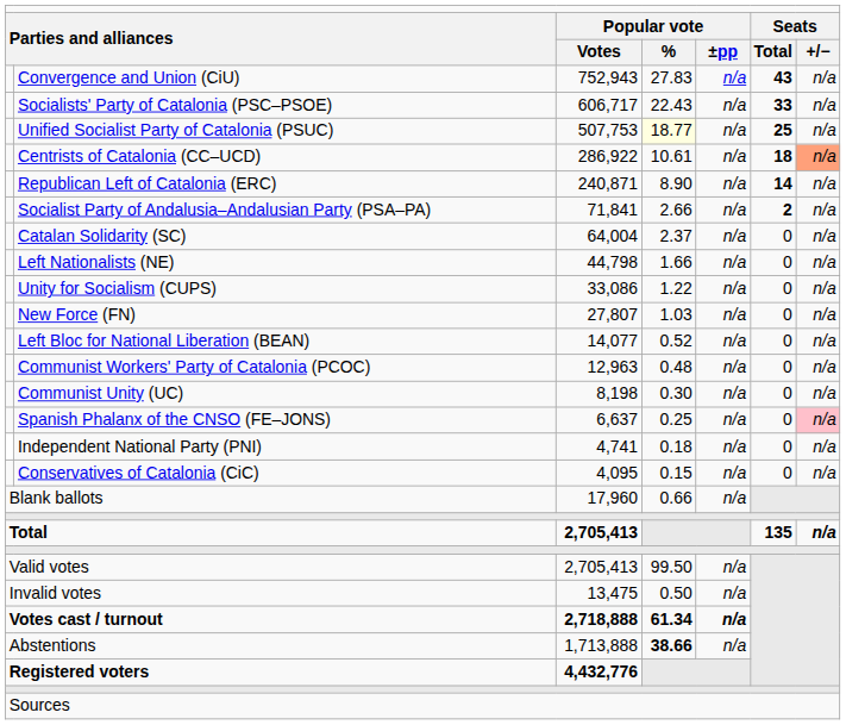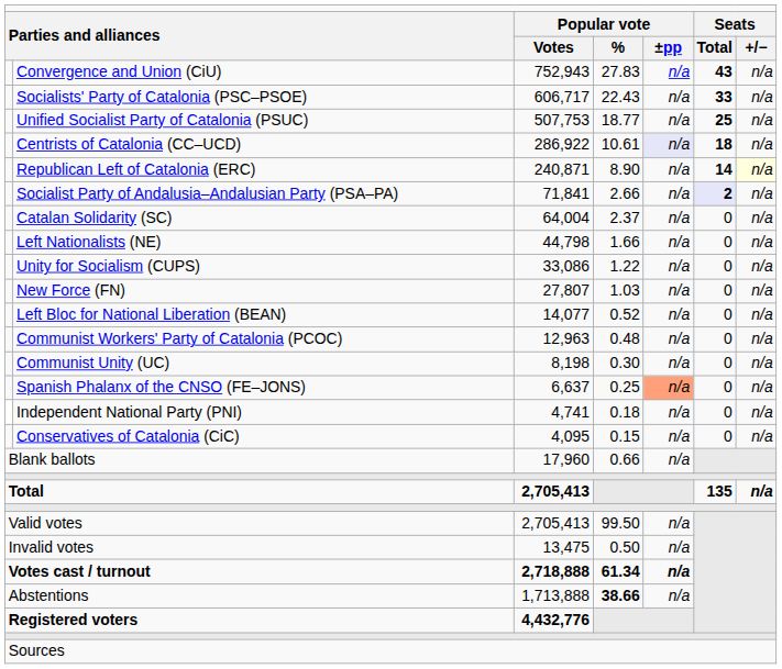 <table class="wikitable" style="text-align:right;">
 <tr>
 <td colspan="7"></td>
 </tr>
 <tr>
 <th style="text-align:left;" rowspan="2" colspan="2" width="525">Parties and alliances</th>
 <th colspan="3">Popular vote</th>
 <th colspan="2">Seats</th>
 </tr>
 <tr>
 <th width="75">Votes</th>
 <th width="45">%</th>
 <th width="45">±<a href='#'>pp</a></th>
 <th width="35">Total</th>
 <th width="35">+/−</th>
 </tr>
 <tr>
 <td width="1" style="color:inherit;background:"></td>
 <td align="left"><a href='#'>Convergence and Union</a> (CiU)</td>
 <td>752,943</td>
 <td>27.83</td>
 <td><em><a href='#'>n/a</a></em></td>
 <td><strong>43</strong></td>
 <td><em>n/a</em></td>
 </tr>
 <tr>
 <td style="color:inherit;background:"></td>
 <td align="left"><a href='#'>Socialists' Party of Catalonia</a> (PSC–PSOE)</td>
 <td>606,717</td>
 <td>22.43</td>
 <td><em>n/a</em></td>
 <td><strong>33</strong></td>
 <td><em>n/a</em></td>
 </tr>
 <tr>
 <td style="color:inherit;background:"></td>
 <td align="left"><a href='#'>Unified Socialist Party of Catalonia</a> (PSUC)</td>
 <td>507,753</td>
-<td style="background: lightyellow;">18.77</td>
+<td>18.77</td>
 <td><em>n/a</em></td>
 <td><strong>25</strong></td>
 <td><em>n/a</em></td>
 </tr>
 <tr>
 <td style="color:inherit;background:"></td>
 <td align="left"><a href='#'>Centrists of Catalonia</a> (CC–UCD)</td>
 <td>286,922</td>
 <td>10.61</td>
+<td style="background: lavender;"><em>n/a</em></td>
+<td><strong>18</strong></td>
 <td><em>n/a</em></td>
-<td><strong>18</strong></td>
-<td style="background: lightsalmon;"><em>n/a</em></td>
 </tr>
 <tr>
 <td style="color:inherit;background:"></td>
 <td align="left"><a href='#'>Republican Left of Catalonia</a> (ERC)</td>
 <td>240,871</td>
 <td>8.90</td>
 <td><em>n/a</em></td>
 <td><strong>14</strong></td>
-<td><em>n/a</em></td>
+<td style="background: lightyellow;"><em>n/a</em></td>
 </tr>
 <tr>
 <td style="color:inherit;background:"></td>
 <td align="left"><a href='#'>Socialist Party of Andalusia–Andalusian Party</a> (PSA–PA)</td>
 <td>71,841</td>
 <td>2.66</td>
 <td><em>n/a</em></td>
-<td><strong>2</strong></td>
+<td style="background: lavender;"><strong>2</strong></td>
 <td><em>n/a</em></td>
 </tr>
 <tr>
 <td style="color:inherit;background:"></td>
 <td align="left"><a href='#'>Catalan Solidarity</a> (SC)</td>
 <td>64,004</td>
 <td>2.37</td>
 <td><em>n/a</em></td>
 <td>0</td>
 <td><em>n/a</em></td>
 </tr>
 <tr>
 <td style="color:inherit;background:"></td>
 <td align="left"><a href='#'>Left Nationalists</a> (NE)</td>
 <td>44,798</td>
 <td>1.66</td>
 <td><em>n/a</em></td>
 <td>0</td>
 <td><em>n/a</em></td>
 </tr>
 <tr>
 <td style="color:inherit;background:"></td>
 <td align="left"><a href='#'>Unity for Socialism</a> (CUPS)</td>
 <td>33,086</td>
 <td>1.22</td>
 <td><em>n/a</em></td>
 <td>0</td>
 <td><em>n/a</em></td>
 </tr>
 <tr>
 <td style="color:inherit;background:"></td>
 <td align="left"><a href='#'>New Force</a> (FN)</td>
 <td>27,807</td>
 <td>1.03</td>
 <td><em>n/a</em></td>
 <td>0</td>
 <td><em>n/a</em></td>
 </tr>
 <tr>
 <td style="color:inherit;background:"></td>
 <td align="left"><a href='#'>Left Bloc for National Liberation</a> (BEAN)</td>
 <td>14,077</td>
 <td>0.52</td>
 <td><em>n/a</em></td>
 <td>0</td>
 <td><em>n/a</em></td>
 </tr>
 <tr>
 <td style="color:inherit;background:"></td>
 <td align="left"><a href='#'>Communist Workers' Party of Catalonia</a> (PCOC)</td>
 <td>12,963</td>
 <td>0.48</td>
 <td><em>n/a</em></td>
 <td>0</td>
 <td><em>n/a</em></td>
 </tr>
 <tr>
 <td style="color:inherit;background:"></td>
 <td align="left"><a href='#'>Communist Unity</a> (UC)</td>
 <td>8,198</td>
 <td>0.30</td>
 <td><em>n/a</em></td>
 <td>0</td>
 <td><em>n/a</em></td>
 </tr>
 <tr>
 <td style="color:inherit;background:"></td>
 <td align="left"><a href='#'>Spanish Phalanx of the CNSO</a> (FE–JONS)</td>
 <td>6,637</td>
 <td>0.25</td>
+<td style="background: lightsalmon;"><em>n/a</em></td>
+<td>0</td>
 <td><em>n/a</em></td>
-<td>0</td>
-<td style="background: pink;"><em>n/a</em></td>
 </tr>
 <tr>
 <td bgcolor="white"></td>
 <td align="left">Independent National Party (PNI)</td>
 <td>4,741</td>
 <td>0.18</td>
 <td><em>n/a</em></td>
 <td>0</td>
 <td><em>n/a</em></td>
 </tr>
 <tr>
 <td style="color:inherit;background:"></td>
 <td align="left"><a href='#'>Conservatives of Catalonia</a> (CiC)</td>
 <td>4,095</td>
 <td>0.15</td>
 <td><em>n/a</em></td>
 <td>0</td>
 <td><em>n/a</em></td>
 </tr>
 <tr>
 <td align="left" colspan="2">Blank ballots</td>
 <td>17,960</td>
 <td>0.66</td>
 <td><em>n/a</em></td>
 <td bgcolor="#E9E9E9" colspan="2"></td>
 </tr>
 <tr>
 <td colspan="7" bgcolor="#E9E9E9"></td>
 </tr>
 <tr style="font-weight:bold;">
 <td align="left" colspan="2">Total</td>
 <td>2,705,413</td>
 <td bgcolor="#E9E9E9" colspan="2"></td>
 <td>135</td>
 <td><em>n/a</em></td>
 </tr>
 <tr>
 <td colspan="7" bgcolor="#E9E9E9"></td>
 </tr>
 <tr>
 <td align="left" colspan="2">Valid votes</td>
 <td>2,705,413</td>
 <td>99.50</td>
 <td><em>n/a</em></td>
 <td bgcolor="#E9E9E9" colspan="2" rowspan="5"></td>
 </tr>
 <tr>
 <td align="left" colspan="2">Invalid votes</td>
 <td>13,475</td>
 <td>0.50</td>
 <td><em>n/a</em></td>
 </tr>
 <tr style="font-weight:bold;">
 <td align="left" colspan="2">Votes cast / turnout</td>
 <td>2,718,888</td>
 <td>61.34</td>
 <td><em>n/a</em></td>
 </tr>
 <tr>
 <td align="left" colspan="2">Abstentions</td>
 <td>1,713,888</td>
 <td><strong>38.66</strong></td>
 <td><em>n/a</em></td>
 </tr>
 <tr style="font-weight:bold;">
 <td align="left" colspan="2">Registered voters</td>
 <td>4,432,776</td>
 <td bgcolor="#E9E9E9" colspan="2"></td>
 </tr>
 <tr>
 <td colspan="7" bgcolor="#E9E9E9"></td>
 </tr>
 <tr>
 <td align="left" colspan="7">Sources</td>
 </tr>
 </table>
